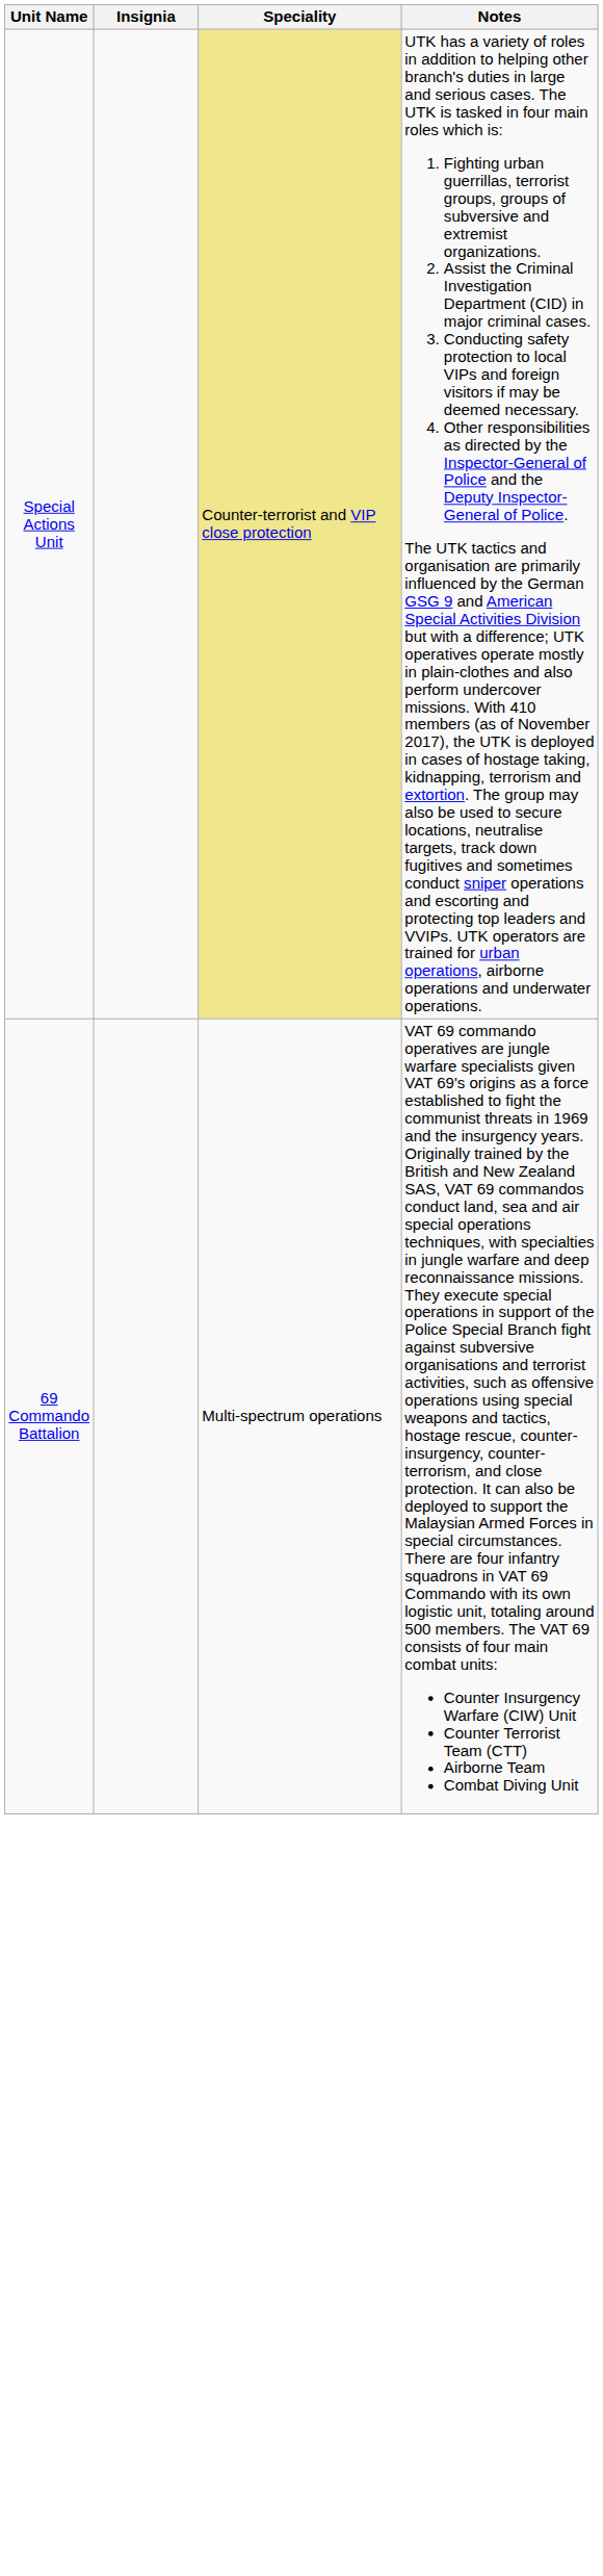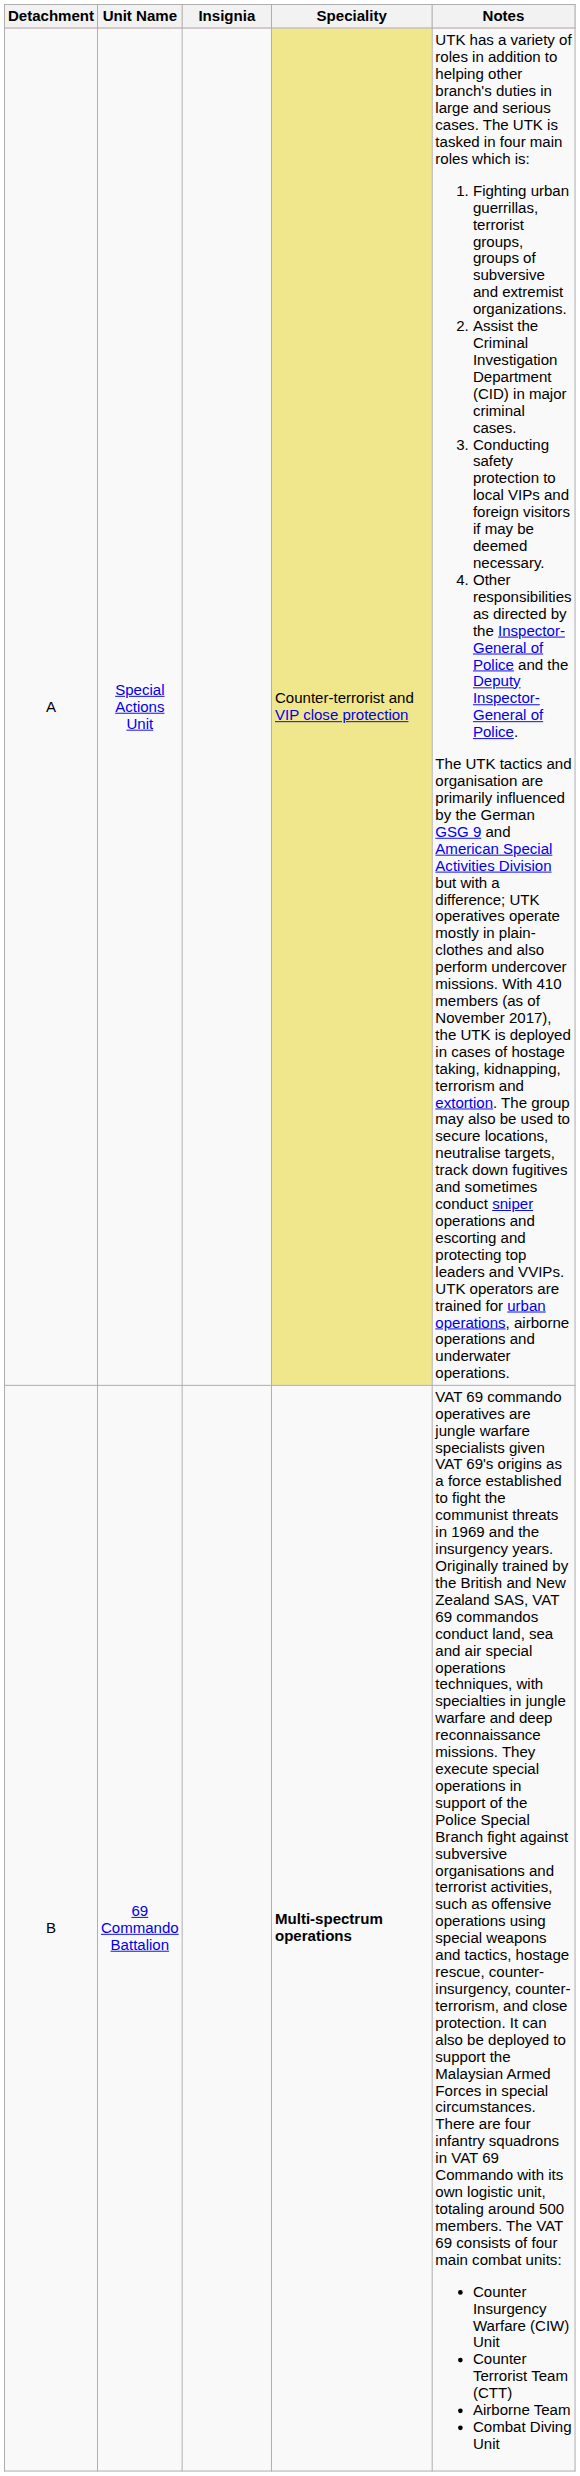 <table class="wikitable">
 <tr style="background-color: #f99; color: black;">
+<th>Detachment</th>
 <th>Unit Name</th>
 <th style="width: 100px;">Insignia</th>
 <th style="width: 200px;">Speciality</th>
 <th>Notes</th>
 </tr>
 <tr>
+<td style="text-align: center;">A</td>
 <td style="text-align: center;"><a href='#'>Special Actions Unit</a><br></td>
 <td></td>
 <td style="background: khaki;">Counter-terrorist and <a href='#'>VIP close protection</a></td>
 <td>UTK has a variety of roles in addition to helping other branch's duties in large and serious cases. The UTK is tasked in four main roles which is:<br><ol><li>Fighting urban guerrillas, terrorist groups, groups of subversive and extremist organizations.</li><li>Assist the Criminal Investigation Department (CID) in major criminal cases.</li><li>Conducting safety protection to local VIPs and foreign visitors if may be deemed necessary.</li><li>Other responsibilities as directed by the <a href='#'>Inspector-General of Police</a> and the <a href='#'>Deputy Inspector-General of Police</a>.</li></ol>The UTK tactics and organisation are primarily influenced by the German <a href='#'>GSG 9</a> and <a href='#'>American Special Activities Division</a> but with a difference; UTK operatives operate mostly in plain-clothes and also perform undercover missions. With 410 members (as of November 2017), the UTK is deployed in cases of hostage taking, kidnapping, terrorism and <a href='#'>extortion</a>. The group may also be used to secure locations, neutralise targets, track down fugitives and sometimes conduct <a href='#'>sniper</a> operations and escorting and protecting top leaders and VVIPs. UTK operators are trained for <a href='#'>urban operations</a>, airborne operations and underwater operations.</td>
 </tr>
 <tr>
+<td style="text-align: center;">B</td>
 <td style="text-align: center;"><a href='#'>69 Commando Battalion</a></td>
 <td></td>
-<td>Multi-spectrum operations</td>
+<td><strong>Multi-spectrum operations</strong></td>
 <td>VAT 69 commando operatives are jungle warfare specialists given VAT 69's origins as a force established to fight the communist threats in 1969 and the insurgency years. Originally trained by the British and New Zealand SAS, VAT 69 commandos conduct land, sea and air special operations techniques, with specialties in jungle warfare and deep reconnaissance missions. They execute special operations in support of the Police Special Branch fight against subversive organisations and terrorist activities, such as offensive operations using special weapons and tactics, hostage rescue, counter-insurgency, counter-terrorism, and close protection. It can also be deployed to support the Malaysian Armed Forces in special circumstances.<br>There are four infantry squadrons in VAT 69 Commando with its own logistic unit, totaling around 500 members. The VAT 69 consists of four main combat units:<ul><li>Counter Insurgency Warfare (CIW) Unit</li><li>Counter Terrorist Team (CTT)</li><li>Airborne Team</li><li>Combat Diving Unit</li></ul></td>
 </tr>
 </table>
